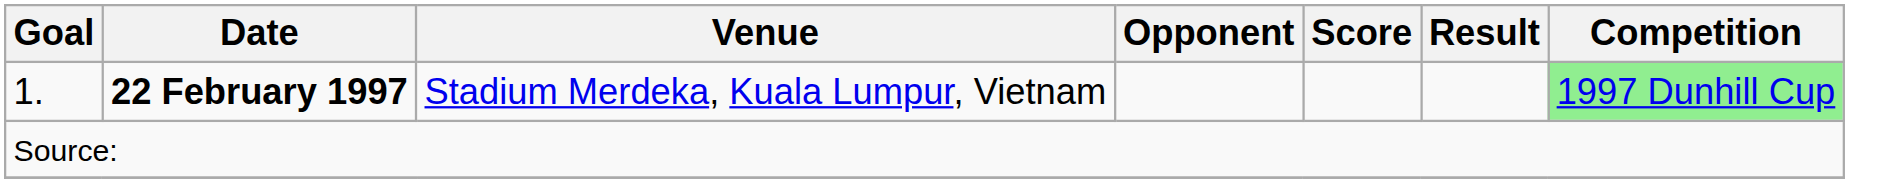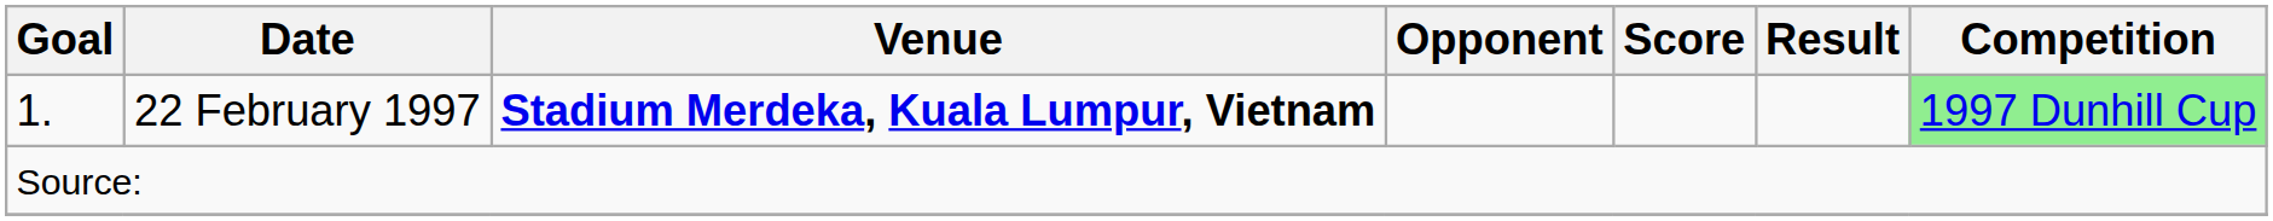 <table class=wikitable>
 <tr>
 <th>Goal</th>
 <th>Date</th>
 <th>Venue</th>
 <th>Opponent</th>
 <th>Score</th>
 <th>Result</th>
 <th>Competition</th>
 </tr>
 <tr>
 <td>1.</td>
-<td><strong>22 February 1997</strong></td>
-<td><a href='#'>Stadium Merdeka</a>, <a href='#'>Kuala Lumpur</a>, Vietnam</td>
+<td>22 February 1997</td>
+<td><strong><a href='#'>Stadium Merdeka</a>, <a href='#'>Kuala Lumpur</a>, Vietnam</strong></td>
 <td></td>
 <td></td>
 <td></td>
 <td style="background: lightgreen;"><a href='#'>1997 Dunhill Cup</a></td>
 </tr>
 <tr>
 <td colspan="7"><small>Source:</small></td>
 </tr>
 <tr>
 </tr>
 </table>
